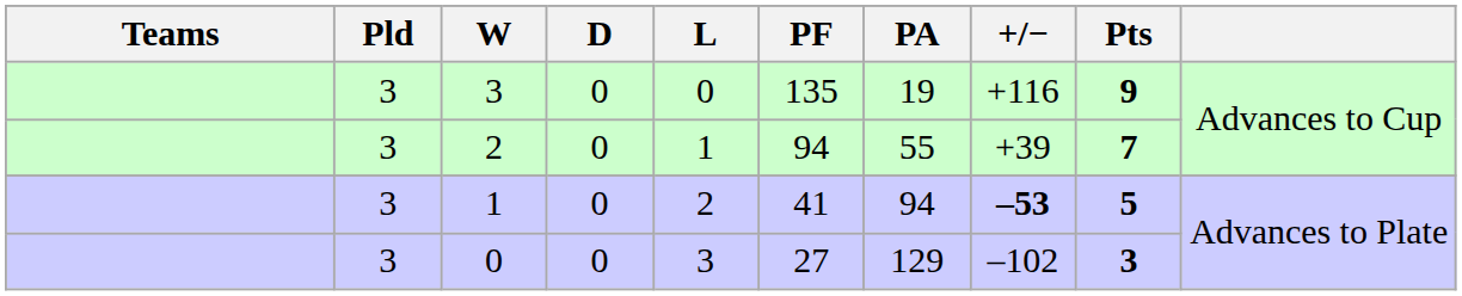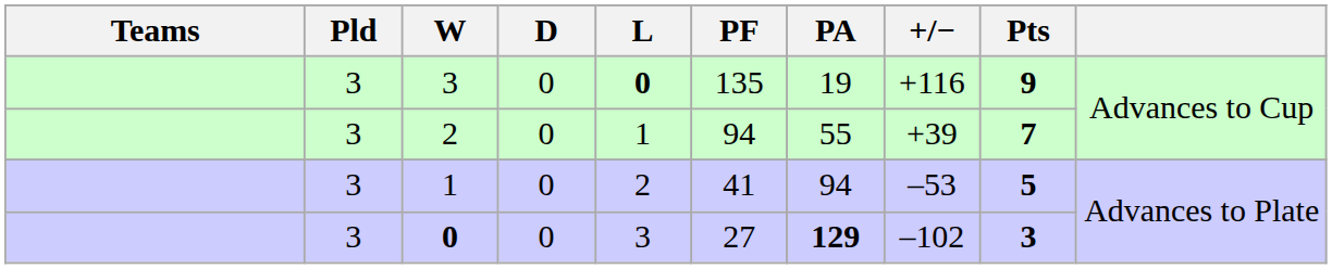 <table class="wikitable" style="text-align: center;">
 <tr>
 <th width="140">Teams</th>
 <th width="40">Pld</th>
 <th width="40">W</th>
 <th width="40">D</th>
 <th width="40">L</th>
 <th width="40">PF</th>
 <th width="40">PA</th>
 <th width="40">+/−</th>
 <th width="40">Pts</th>
 <th></th>
 </tr>
 <tr bgcolor="ccffcc">
 <td align="left"></td>
 <td>3</td>
 <td>3</td>
 <td>0</td>
-<td>0</td>
+<td><strong>0</strong></td>
 <td>135</td>
 <td>19</td>
 <td>+116</td>
 <td><strong>9</strong></td>
 <td rowspan="2">Advances to Cup</td>
 </tr>
 <tr bgcolor="ccffcc">
 <td align="left"></td>
 <td>3</td>
 <td>2</td>
 <td>0</td>
 <td>1</td>
 <td>94</td>
 <td>55</td>
 <td>+39</td>
 <td><strong>7</strong></td>
 </tr>
 <tr bgcolor="ccccff">
 <td align="left"></td>
 <td>3</td>
 <td>1</td>
 <td>0</td>
 <td>2</td>
 <td>41</td>
 <td>94</td>
-<td><strong>–53</strong></td>
+<td>–53</td>
 <td><strong>5</strong></td>
 <td rowspan="2">Advances to Plate</td>
 </tr>
 <tr bgcolor="ccccff">
 <td align="left"></td>
 <td>3</td>
-<td>0</td>
+<td><strong>0</strong></td>
 <td>0</td>
 <td>3</td>
 <td>27</td>
-<td>129</td>
+<td><strong>129</strong></td>
 <td>–102</td>
 <td><strong>3</strong></td>
 </tr>
 </table>
